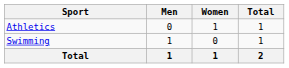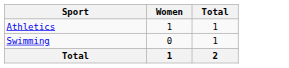 <table class="wikitable" style="text-align:center">
 <tr>
 <th width=200>Sport</th>
-<th width=60>Men</th>
 <th width=60>Women</th>
 <th width=60>Total</th>
 </tr>
 <tr>
 <td align=left><a href='#'>Athletics</a></td>
-<td>0</td>
 <td>1</td>
 <td>1</td>
 </tr>
 <tr>
 <td align=left><a href='#'>Swimming</a></td>
-<td>1</td>
 <td>0</td>
 <td>1</td>
 </tr>
 <tr>
 <th align=left>Total</th>
 <th>1</th>
-<th>1</th>
 <th>2</th>
 </tr>
 </table>
